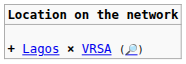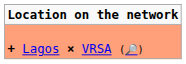 <table role="presentation" class="wikitable mw-collapsible mw-collapsed floatright">
 <tr>
 <td><strong>Location on the network</strong></td>
 </tr>
 <tr>
-<td><br><span><strong>+</strong></span> <a href='#'>Lagos</a> <span><strong>×</strong> <a href='#'>VRSA</a></span> <small>(<a href='#'>🔎</a>)</small></td>
+<td style="background: lightsalmon;"><br><span><strong>+</strong></span> <a href='#'>Lagos</a> <span><strong>×</strong> <a href='#'>VRSA</a></span> <small>(<a href='#'>🔎</a>)</small></td>
 </tr>
 </table>
